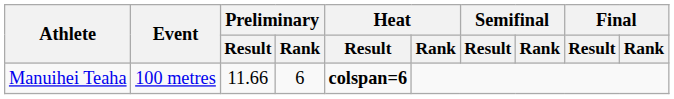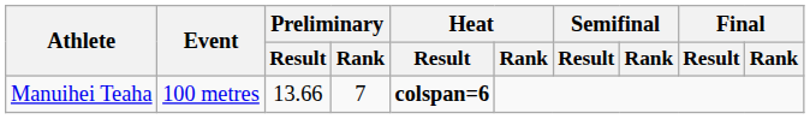 <table class="wikitable" style="font-size:90%">
 <tr>
 <th rowspan="2">Athlete</th>
 <th rowspan="2">Event</th>
 <th colspan="2">Preliminary</th>
 <th colspan="2">Heat</th>
 <th colspan="2">Semifinal</th>
 <th colspan="2">Final</th>
 </tr>
 <tr style="font-size:95%">
 <th>Result</th>
 <th>Rank</th>
 <th>Result</th>
 <th>Rank</th>
 <th>Result</th>
 <th>Rank</th>
 <th>Result</th>
 <th>Rank</th>
 </tr>
 <tr align=center>
 <td align=left><a href='#'>Manuihei Teaha</a></td>
 <td align=left><a href='#'>100 metres</a></td>
-<td>11.66 </td>
-<td>6</td>
+<td>13.66 </td>
+<td>7</td>
 <td><strong>colspan=6 </strong></td>
 </tr>
 </table>
